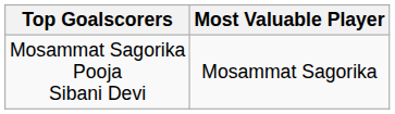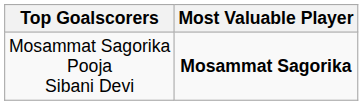 <table class="wikitable" style="text-align: center; margin: 0 auto;">
 <tr>
 <th>Top Goalscorers</th>
 <th>Most Valuable Player</th>
 </tr>
 <tr>
 <td> Mosammat Sagorika<br> Pooja<br> Sibani Devi</td>
-<td> Mosammat Sagorika</td>
+<td><strong> Mosammat Sagorika</strong></td>
 </tr>
 </table>
